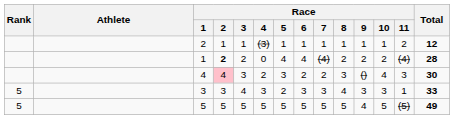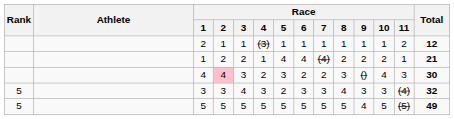 <table class="wikitable" style="text-align:center">
 <tr>
 <th rowspan="2" width=40>Rank</th>
 <th rowspan="2" width=250>Athlete</th>
 <th colspan="11">Race</th>
 <th rowspan="2" width=50>Total</th>
 </tr>
 <tr>
 <th width=25>1</th>
 <th width=25>2</th>
 <th width=25>3</th>
 <th width=25>4</th>
 <th width=25>5</th>
 <th width=25>6</th>
 <th width=25>7</th>
 <th width=25>8</th>
 <th width=25>9</th>
 <th width=25>10</th>
 <th width=25>11</th>
 </tr>
 <tr>
 <td></td>
 <td align=left></td>
 <td>2</td>
 <td>1</td>
 <td>1</td>
 <td><s>(3)</s></td>
 <td>1</td>
 <td>1</td>
 <td>1</td>
 <td>1</td>
 <td>1</td>
 <td>1</td>
 <td>2</td>
 <td><strong>12</strong></td>
 </tr>
 <tr>
 <td></td>
 <td align=left></td>
 <td>1</td>
-<td><strong>2</strong></td>
 <td>2</td>
-<td>0</td>
+<td>2</td>
+<td>1</td>
 <td>4</td>
 <td>4</td>
 <td><s>(4)</s></td>
 <td>2</td>
 <td>2</td>
 <td>2</td>
-<td><s>(4)</s></td>
-<td><strong>28</strong></td>
+<td>1</td>
+<td><strong>21</strong></td>
 </tr>
 <tr>
 <td></td>
 <td align=left></td>
 <td>4</td>
 <td style="background: pink;">4</td>
 <td>3</td>
 <td>2</td>
 <td>3</td>
 <td>2</td>
 <td>2</td>
 <td>3</td>
 <td><s>()</s></td>
 <td>4</td>
 <td>3</td>
 <td><strong>30</strong></td>
 </tr>
 <tr>
 <td>5</td>
 <td align=left></td>
 <td>3</td>
 <td>3</td>
 <td>4</td>
 <td>3</td>
 <td>2</td>
 <td>3</td>
 <td>3</td>
 <td>4</td>
 <td>3</td>
 <td>3</td>
-<td>1</td>
-<td><strong>33</strong></td>
+<td><s>(4)</s></td>
+<td><strong>32</strong></td>
 </tr>
 <tr>
 <td>5</td>
 <td align=left></td>
 <td>5</td>
 <td>5</td>
 <td>5</td>
 <td>5</td>
 <td>5</td>
 <td>5</td>
 <td>5</td>
 <td>5</td>
 <td>4</td>
 <td>5</td>
 <td><s>(5)</s></td>
 <td><strong>49</strong></td>
 </tr>
 </table>
